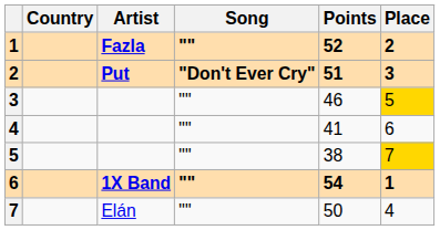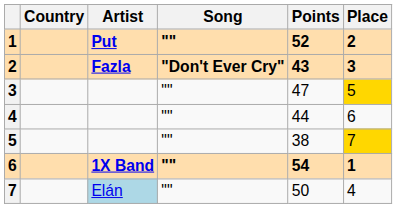 <table class="wikitable sortable plainrowheaders">
 <tr>
 </tr>
 <tr>
 <th scope="col"></th>
 <th scope="col">Country</th>
 <th scope="col">Artist</th>
 <th scope="col">Song</th>
 <th scope="col">Points</th>
 <th scope="col">Place</th>
 </tr>
 <tr style="font-weight:bold; background:navajowhite;">
 <th scope="row" style="text-align:center; font-weight:bold; background:navajowhite;">1</th>
 <td></td>
-<td><a href='#'>Fazla</a></td>
+<td><a href='#'>Put</a></td>
 <td>""</td>
 <td>52</td>
 <td>2</td>
 </tr>
 <tr style="font-weight:bold; background:navajowhite;">
 <th scope="row" style="text-align:center; font-weight:bold; background:navajowhite;">2</th>
 <td></td>
-<td><a href='#'>Put</a></td>
+<td><a href='#'>Fazla</a></td>
 <td>"Don't Ever Cry"</td>
-<td>51</td>
+<td>43</td>
 <td>3</td>
 </tr>
 <tr>
 <th scope="row" style="text-align:center;">3</th>
 <td></td>
 <td></td>
 <td>""</td>
-<td>46</td>
+<td>47</td>
 <td style="background: gold;">5</td>
 </tr>
 <tr>
 <th scope="row" style="text-align:center;">4</th>
 <td></td>
 <td></td>
 <td>""</td>
-<td>41</td>
+<td>44</td>
 <td>6</td>
 </tr>
 <tr>
 <th scope="row" style="text-align:center;">5</th>
 <td></td>
 <td></td>
 <td>""</td>
 <td>38</td>
 <td style="background: gold;">7</td>
 </tr>
 <tr style="font-weight:bold; background:navajowhite;">
 <th scope="row" style="text-align:center; font-weight:bold; background:navajowhite;">6</th>
 <td></td>
 <td><a href='#'>1X Band</a></td>
 <td>""</td>
 <td>54</td>
 <td>1</td>
 </tr>
 <tr>
 <th scope="row" style="text-align:center;">7</th>
 <td></td>
-<td><a href='#'>Elán</a></td>
+<td style="background: lightblue;"><a href='#'>Elán</a></td>
 <td>""</td>
 <td>50</td>
 <td>4</td>
 </tr>
 </table>
